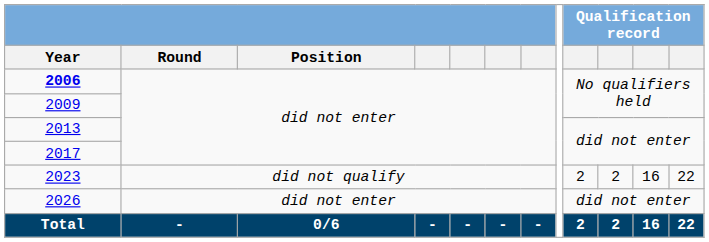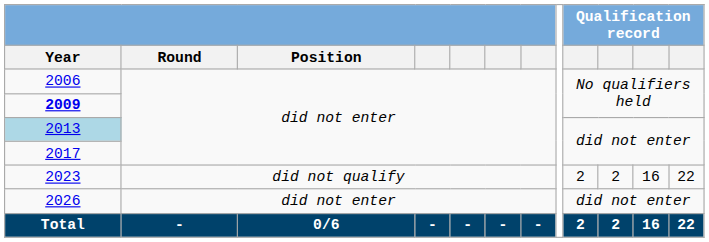 <table class="wikitable" style="text-align: center;">
 <tr>
 <th style="background:#75AADB;" colspan="7"><a href='#'></a></th>
 <th style="background:white; width:1%;" rowspan="9"></th>
 <th style="background:#75AADB; color:white;" colspan="5">Qualification record</th>
 </tr>
 <tr>
 <th>Year</th>
 <th>Round</th>
 <th>Position</th>
 <th width=25></th>
 <th width=25></th>
 <th width=25></th>
 <th width=25></th>
 <th width=25></th>
 <th width=25></th>
 <th width=25></th>
 <th width=25></th>
 </tr>
 <tr>
-<td><strong><a href='#'>2006</a></strong></td>
+<td><a href='#'>2006</a></td>
 <td colspan=6 rowspan=4><em>did not enter</em></td>
 <td colspan=4 rowspan=2 align=center><em>No qualifiers held</em></td>
 </tr>
 <tr>
-<td><a href='#'>2009</a></td>
+<td><strong><a href='#'>2009</a></strong></td>
 </tr>
 <tr>
-<td><a href='#'>2013</a></td>
+<td style="background: lightblue;"><a href='#'>2013</a></td>
 <td colspan=4 rowspan=2 align=center><em>did not enter</em></td>
 </tr>
 <tr>
 <td><a href='#'>2017</a></td>
 </tr>
 <tr>
 <td><a href='#'>2023</a></td>
 <td colspan=6 align=center><em>did not qualify</em></td>
 <td>2</td>
 <td>2</td>
 <td>16</td>
 <td>22</td>
 </tr>
 <tr>
 <td><a href='#'>2026</a></td>
 <td colspan=6 align=center><em>did not enter</em></td>
 <td colspan=4 align=center><em>did not enter</em></td>
 </tr>
 <tr>
 <th style="color:white; background:#00426B;"><strong>Total</strong></th>
 <th style="color:white; background:#00426B;"><strong>-</strong></th>
 <th style="color:white; background:#00426B;"><strong>0/6</strong></th>
 <th style="color:white; background:#00426B;"><strong>-</strong></th>
 <th style="color:white; background:#00426B;"><strong>-</strong></th>
 <th style="color:white; background:#00426B;"><strong>-</strong></th>
 <th style="color:white; background:#00426B;"><strong>-</strong></th>
 <th style="color:white; background:#00426B;"><strong>2</strong></th>
 <th style="color:white; background:#00426B;"><strong>2</strong></th>
 <th style="color:white; background:#00426B;"><strong>16</strong></th>
 <th style="color:white; background:#00426B;"><strong>22</strong></th>
 </tr>
 </table>
